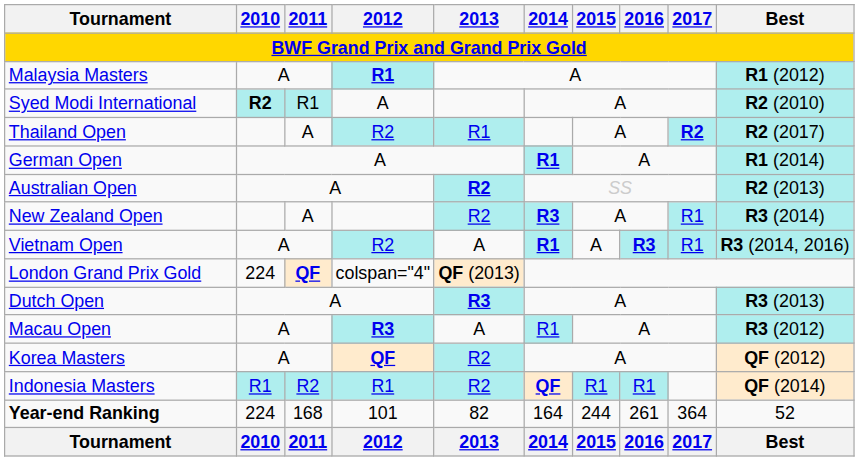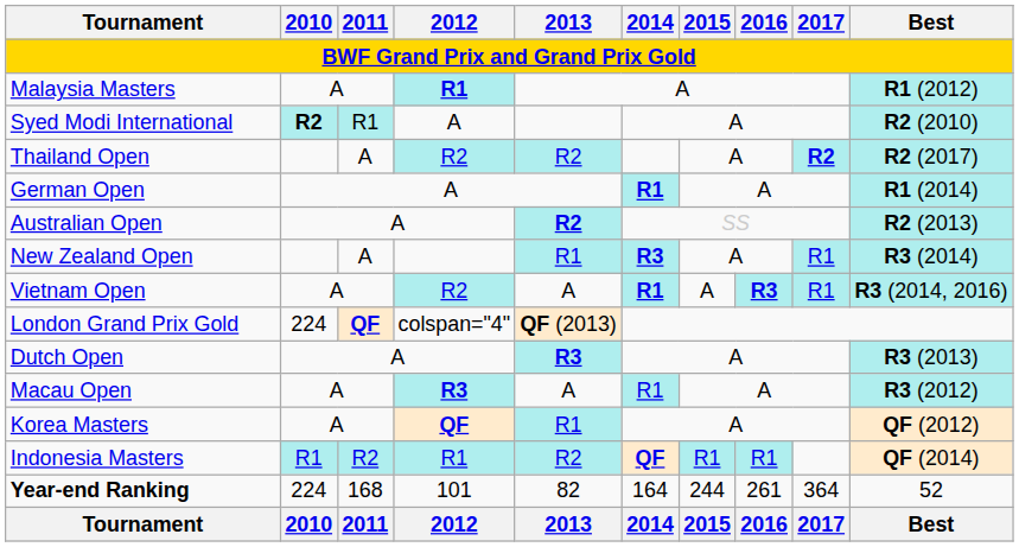 <table style='font-size: 90%; text-align:center;' class='wikitable'>
 <tr>
 <th width=180>Tournament</th>
 <th><a href='#'>2010</a></th>
 <th><a href='#'>2011</a></th>
 <th><a href='#'>2012</a></th>
 <th><a href='#'>2013</a></th>
 <th><a href='#'>2014</a></th>
 <th><a href='#'>2015</a></th>
 <th><a href='#'>2016</a></th>
 <th><a href='#'>2017</a></th>
 <th>Best</th>
 </tr>
 <tr bgcolor=FFD700>
 <td colspan=20 align=center><strong><a href='#'>BWF Grand Prix and Grand Prix Gold</a></strong></td>
 </tr>
 <tr>
 <td align=left> <a href='#'>Malaysia Masters</a></td>
 <td colspan="2">A</td>
 <td bgcolor=AFEEEE><a href='#'><strong>R1</strong></a></td>
 <td colspan="5">A</td>
 <td bgcolor=AFEEEE><strong>R1</strong> (2012)</td>
 </tr>
 <tr>
 <td align=left> <a href='#'>Syed Modi International</a></td>
 <td bgcolor=AFEEEE><strong>R2</strong></td>
 <td bgcolor=AFEEEE>R1</td>
 <td>A</td>
 <td></td>
 <td colspan="4">A</td>
 <td bgcolor=AFEEEE><strong>R2</strong> (2010)</td>
 </tr>
 <tr>
 <td align=left> <a href='#'>Thailand Open</a></td>
 <td></td>
 <td>A</td>
 <td bgcolor=AFEEEE><a href='#'>R2</a></td>
-<td bgcolor=AFEEEE><a href='#'>R1</a></td>
+<td bgcolor=AFEEEE><a href='#'>R2</a></td>
 <td></td>
 <td colspan="2">A</td>
 <td bgcolor=AFEEEE><a href='#'><strong>R2</strong></a></td>
 <td bgcolor=AFEEEE><strong>R2</strong> (2017)</td>
 </tr>
 <tr>
 <td align=left> <a href='#'>German Open</a></td>
 <td colspan="4">A</td>
 <td bgcolor=AFEEEE><a href='#'><strong>R1</strong></a></td>
 <td colspan="3">A</td>
 <td bgcolor=AFEEEE><strong>R1</strong> (2014)</td>
 </tr>
 <tr>
 <td align=left> <a href='#'>Australian Open</a></td>
 <td colspan="3">A</td>
 <td bgcolor=AFEEEE><a href='#'><strong>R2</strong></a></td>
 <td colspan="4" style=color:#ccc><em>SS</em></td>
 <td bgcolor=AFEEEE><strong>R2</strong> (2013)</td>
 </tr>
 <tr>
 <td align=left> <a href='#'>New Zealand Open</a></td>
 <td></td>
 <td>A</td>
 <td></td>
-<td bgcolor=AFEEEE><a href='#'>R2</a></td>
+<td bgcolor=AFEEEE><a href='#'>R1</a></td>
 <td bgcolor=AFEEEE><a href='#'><strong>R3</strong></a></td>
 <td colspan="2">A</td>
 <td bgcolor=AFEEEE><a href='#'>R1</a></td>
 <td bgcolor=AFEEEE><strong>R3</strong> (2014)</td>
 </tr>
 <tr>
 <td align=left> <a href='#'>Vietnam Open</a></td>
 <td colspan="2">A</td>
 <td bgcolor=AFEEEE><a href='#'>R2</a></td>
 <td>A</td>
 <td bgcolor=AFEEEE><a href='#'><strong>R1</strong></a></td>
 <td>A</td>
 <td bgcolor=AFEEEE><a href='#'><strong>R3</strong></a></td>
 <td bgcolor=AFEEEE><a href='#'>R1</a></td>
 <td bgcolor=AFEEEE><strong>R3</strong> (2014, 2016)</td>
 </tr>
 <tr>
 <td align=left> <a href='#'>London Grand Prix Gold</a></td>
 <td align=center>224</td>
 <td bgcolor=FFEBCD><a href='#'><strong>QF</strong></a></td>
 <td>colspan="4" </td>
 <td bgcolor=FFEBCD><strong>QF</strong> (2013)</td>
 </tr>
 <tr>
 <td align=left> <a href='#'>Dutch Open</a></td>
 <td colspan="3">A</td>
 <td bgcolor=AFEEEE><a href='#'><strong>R3</strong></a></td>
 <td colspan="4">A</td>
 <td bgcolor=AFEEEE><strong>R3</strong> (2013)</td>
 </tr>
 <tr>
 <td align=left> <a href='#'>Macau Open</a></td>
 <td colspan="2">A</td>
 <td bgcolor=AFEEEE><a href='#'><strong>R3</strong></a></td>
 <td>A</td>
 <td bgcolor=AFEEEE><a href='#'>R1</a></td>
 <td colspan="3">A</td>
 <td bgcolor=AFEEEE><strong>R3</strong> (2012)</td>
 </tr>
 <tr>
 <td align=left> <a href='#'>Korea Masters</a></td>
 <td colspan="2">A</td>
 <td bgcolor=FFEBCD><a href='#'><strong>QF</strong></a></td>
-<td bgcolor=AFEEEE><a href='#'>R2</a></td>
+<td bgcolor=AFEEEE><a href='#'>R1</a></td>
 <td colspan="4">A</td>
 <td bgcolor=FFEBCD><strong>QF</strong> (2012)</td>
 </tr>
 <tr>
 <td align=left> <a href='#'>Indonesia Masters</a></td>
 <td bgcolor=AFEEEE><a href='#'>R1</a></td>
 <td bgcolor=AFEEEE><a href='#'>R2</a></td>
 <td bgcolor=AFEEEE><a href='#'>R1</a></td>
 <td bgcolor=AFEEEE><a href='#'>R2</a></td>
 <td bgcolor=FFEBCD><a href='#'><strong>QF</strong></a></td>
 <td bgcolor=AFEEEE><a href='#'>R1</a></td>
 <td bgcolor=AFEEEE><a href='#'>R1</a></td>
 <td></td>
 <td bgcolor=FFEBCD><strong>QF</strong> (2014)</td>
 </tr>
 <tr>
 <td align=left><strong>Year-end Ranking</strong></td>
 <td align=center>224</td>
 <td align=center>168</td>
 <td align=center>101</td>
 <td align=center>82</td>
 <td align=center>164</td>
 <td align=center>244</td>
 <td align=center>261</td>
 <td align=center>364</td>
 <td align=center>52</td>
 </tr>
 <tr>
 <th width=180>Tournament</th>
 <th><a href='#'>2010</a></th>
 <th><a href='#'>2011</a></th>
 <th><a href='#'>2012</a></th>
 <th><a href='#'>2013</a></th>
 <th><a href='#'>2014</a></th>
 <th><a href='#'>2015</a></th>
 <th><a href='#'>2016</a></th>
 <th><a href='#'>2017</a></th>
 <th>Best</th>
 </tr>
 </table>
